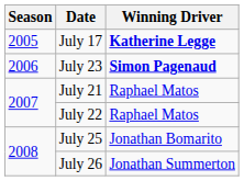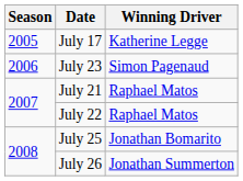 <table class="wikitable" style="font-size: 95%;">
 <tr>
 <th>Season</th>
 <th>Date</th>
 <th>Winning Driver</th>
 </tr>
 <tr>
 <td><a href='#'>2005</a></td>
 <td>July 17</td>
-<td><strong> <a href='#'>Katherine Legge</a></strong></td>
+<td> <a href='#'>Katherine Legge</a></td>
 </tr>
 <tr>
 <td><a href='#'>2006</a></td>
 <td>July 23</td>
-<td><strong> <a href='#'>Simon Pagenaud</a></strong></td>
+<td> <a href='#'>Simon Pagenaud</a></td>
 </tr>
 <tr>
 <td rowspan=2><a href='#'>2007</a></td>
 <td>July 21</td>
 <td> <a href='#'>Raphael Matos</a></td>
 </tr>
 <tr>
 <td>July 22</td>
 <td> <a href='#'>Raphael Matos</a></td>
 </tr>
 <tr>
 <td rowspan=2><a href='#'>2008</a></td>
 <td>July 25</td>
 <td> <a href='#'>Jonathan Bomarito</a></td>
 </tr>
 <tr>
 <td>July 26</td>
 <td> <a href='#'>Jonathan Summerton</a></td>
 </tr>
 </table>
